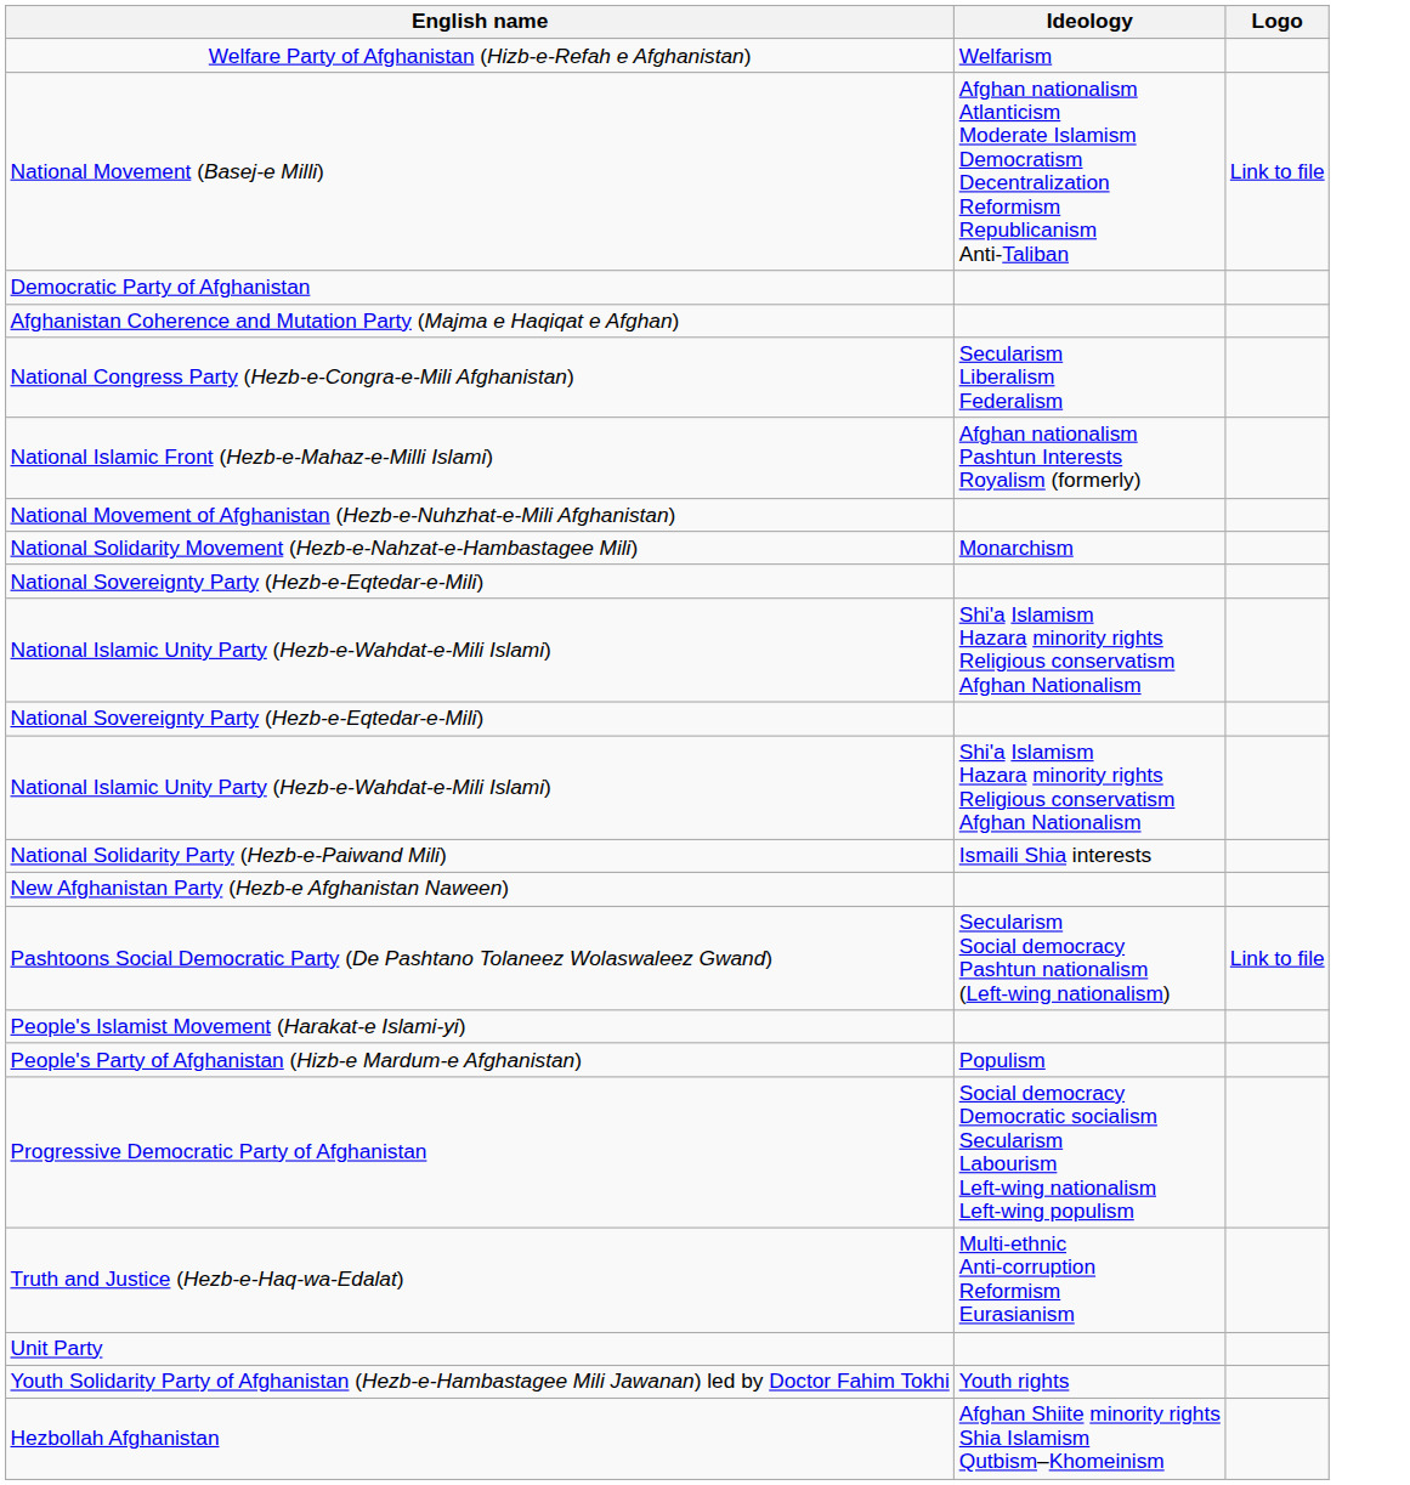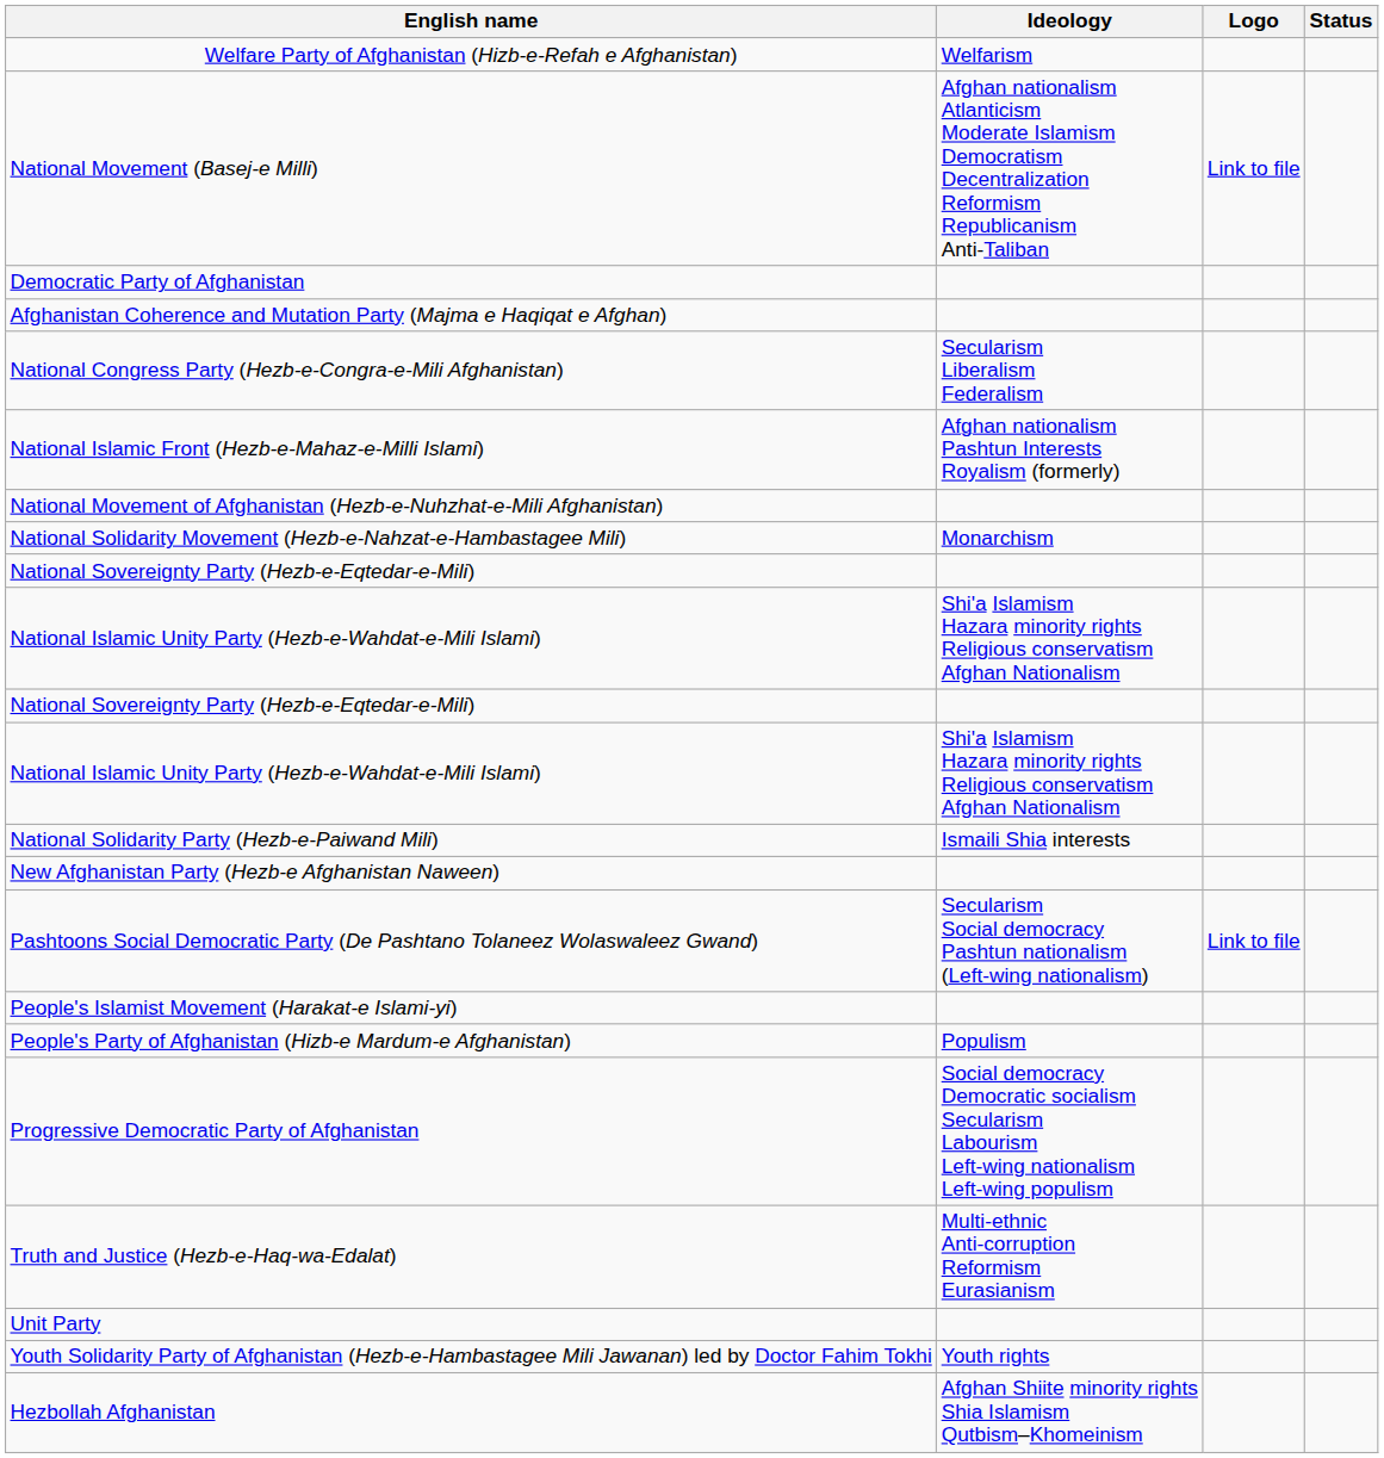 <table class="wikitable sortable">
 <tr>
 <th>English name</th>
 <th>Ideology</th>
 <th>Logo</th>
+<th>Status</th>
 </tr>
 <tr>
 <td align="center"><a href='#'>Welfare Party of Afghanistan</a> (<em>Hizb-e-Refah e Afghanistan</em>)</td>
 <td><a href='#'>Welfarism</a></td>
+<td></td>
 <td></td>
 </tr>
 <tr>
 <td><a href='#'>National Movement</a> (<em>Basej-e Milli</em>)</td>
 <td><a href='#'>Afghan nationalism</a><br><a href='#'>Atlanticism</a><br><a href='#'>Moderate Islamism</a><br><a href='#'>Democratism</a><br><a href='#'>Decentralization</a><br><a href='#'>Reformism</a><br><a href='#'>Republicanism</a><br>Anti-<a href='#'>Taliban</a></td>
 <td><a href='#'>Link to file</a></td>
+<td></td>
 </tr>
 <tr>
 <td><a href='#'>Democratic Party of Afghanistan</a></td>
+<td></td>
 <td></td>
 <td></td>
 </tr>
 <tr>
 <td><a href='#'>Afghanistan Coherence and Mutation Party</a> (<em>Majma e Haqiqat e Afghan</em>)</td>
 <td></td>
 <td></td>
+<td></td>
 </tr>
 <tr>
 <td><a href='#'>National Congress Party</a> (<em>Hezb-e-Congra-e-Mili Afghanistan</em>)</td>
 <td><a href='#'>Secularism</a><br><a href='#'>Liberalism</a><br><a href='#'>Federalism</a></td>
+<td></td>
 <td></td>
 </tr>
 <tr>
 <td><a href='#'>National Islamic Front</a> (<em>Hezb-e-Mahaz-e-Milli Islami</em>)</td>
 <td><a href='#'>Afghan nationalism</a><br><a href='#'>Pashtun Interests</a><br><a href='#'>Royalism</a> (formerly)</td>
 <td></td>
+<td></td>
 </tr>
 <tr>
 <td><a href='#'>National Movement of Afghanistan</a> (<em>Hezb-e-Nuhzhat-e-Mili Afghanistan</em>)</td>
+<td></td>
 <td></td>
 <td></td>
 </tr>
 <tr>
 <td><a href='#'>National Solidarity Movement</a> (<em>Hezb-e-Nahzat-e-Hambastagee Mili</em>)</td>
 <td><a href='#'>Monarchism</a></td>
 <td></td>
+<td></td>
 </tr>
 <tr>
 <td><a href='#'>National Sovereignty Party</a> (<em>Hezb-e-Eqtedar-e-Mili</em>)</td>
+<td></td>
 <td></td>
 <td></td>
 </tr>
 <tr>
 <td><a href='#'>National Islamic Unity Party</a> (<em>Hezb-e-Wahdat-e-Mili Islami</em>)</td>
 <td><a href='#'>Shi'a</a> <a href='#'>Islamism</a><br><a href='#'>Hazara</a> <a href='#'>minority rights</a><br><a href='#'>Religious conservatism</a><br><a href='#'>Afghan Nationalism</a></td>
 <td></td>
+<td></td>
 </tr>
 <tr>
 <td><a href='#'>National Sovereignty Party</a> (<em>Hezb-e-Eqtedar-e-Mili</em>)</td>
+<td></td>
 <td></td>
 <td></td>
 </tr>
 <tr>
 <td><a href='#'>National Islamic Unity Party</a> (<em>Hezb-e-Wahdat-e-Mili Islami</em>)</td>
 <td><a href='#'>Shi'a</a> <a href='#'>Islamism</a><br><a href='#'>Hazara</a> <a href='#'>minority rights</a><br><a href='#'>Religious conservatism</a><br><a href='#'>Afghan Nationalism</a></td>
 <td></td>
+<td></td>
 </tr>
 <tr>
 <td><a href='#'>National Solidarity Party</a> (<em>Hezb-e-Paiwand Mili</em>)</td>
 <td><a href='#'>Ismaili Shia</a> interests</td>
 <td></td>
+<td></td>
 </tr>
 <tr>
 <td><a href='#'>New Afghanistan Party</a> (<em>Hezb-e Afghanistan Naween</em>)</td>
+<td></td>
 <td></td>
 <td></td>
 </tr>
 <tr>
 <td><a href='#'>Pashtoons Social Democratic Party</a> (<em>De Pashtano Tolaneez Wolaswaleez Gwand</em>)</td>
 <td><a href='#'>Secularism</a><br><a href='#'>Social democracy</a><br><a href='#'>Pashtun nationalism</a><br> (<a href='#'>Left-wing nationalism</a>)</td>
 <td><a href='#'>Link to file</a></td>
+<td></td>
 </tr>
 <tr>
 <td><a href='#'>People's Islamist Movement</a> (<em>Harakat-e Islami-yi</em>)</td>
+<td></td>
 <td></td>
 <td></td>
 </tr>
 <tr>
 <td><a href='#'>People's Party of Afghanistan</a> (<em>Hizb-e Mardum-e Afghanistan</em>)</td>
 <td><a href='#'>Populism</a></td>
 <td></td>
+<td></td>
 </tr>
 <tr>
 <td><a href='#'>Progressive Democratic Party of Afghanistan</a></td>
 <td><a href='#'>Social democracy</a><br><a href='#'>Democratic socialism</a><br><a href='#'>Secularism</a><br><a href='#'>Labourism</a><br><a href='#'>Left-wing nationalism</a><br><a href='#'>Left-wing populism</a></td>
+<td></td>
 <td></td>
 </tr>
 <tr>
 <td><a href='#'>Truth and Justice</a> (<em>Hezb-e-Haq-wa-Edalat</em>)</td>
 <td><a href='#'>Multi-ethnic</a><br><a href='#'>Anti-corruption</a><br><a href='#'>Reformism</a><br><a href='#'>Eurasianism</a></td>
 <td></td>
+<td></td>
 </tr>
 <tr>
 <td><a href='#'>Unit Party</a></td>
+<td></td>
 <td></td>
 <td></td>
 </tr>
 <tr>
 <td><a href='#'>Youth Solidarity Party of Afghanistan</a> (<em>Hezb-e-Hambastagee Mili Jawanan</em>) led by <a href='#'>Doctor Fahim Tokhi</a></td>
 <td><a href='#'>Youth rights</a></td>
 <td></td>
+<td></td>
 </tr>
 <tr>
 <td><a href='#'>Hezbollah Afghanistan</a></td>
 <td><a href='#'>Afghan Shiite</a> <a href='#'>minority rights</a><br><a href='#'>Shia Islamism</a><br><a href='#'>Qutbism</a>–<a href='#'>Khomeinism</a></td>
 <td></td>
+<td></td>
 </tr>
 </table>
